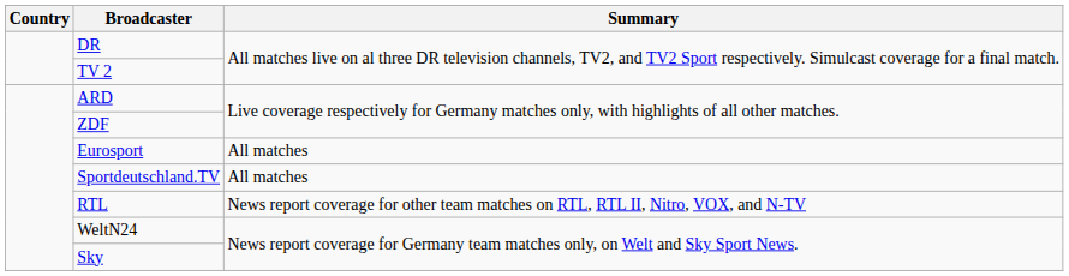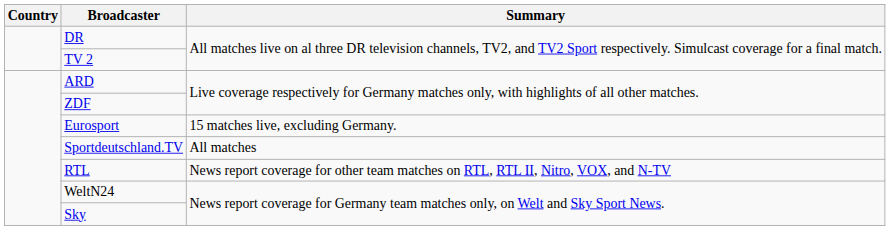 <table class="wikitable">
 <tr>
 <th>Country</th>
 <th>Broadcaster</th>
 <th>Summary</th>
 </tr>
 <tr>
 <td rowspan="2"></td>
 <td><a href='#'>DR</a></td>
 <td rowspan="2">All matches live on al three DR television channels, TV2, and <a href='#'>TV2 Sport</a> respectively. Simulcast coverage for a final match.</td>
 </tr>
 <tr>
 <td><a href='#'>TV 2</a></td>
 </tr>
 <tr>
 <td rowspan="7"></td>
 <td><a href='#'>ARD</a></td>
 <td rowspan="2">Live coverage respectively for Germany matches only, with highlights of all other matches.</td>
 </tr>
 <tr>
 <td><a href='#'>ZDF</a></td>
 </tr>
 <tr>
 <td><a href='#'>Eurosport</a></td>
-<td>All matches</td>
+<td>15 matches live, excluding Germany.</td>
 </tr>
 <tr>
 <td><a href='#'>Sportdeutschland.TV</a></td>
 <td>All matches</td>
 </tr>
 <tr>
 <td><a href='#'>RTL</a></td>
 <td>News report coverage for other team matches on <a href='#'>RTL</a>, <a href='#'>RTL II</a>, <a href='#'>Nitro</a>, <a href='#'>VOX</a>, and <a href='#'>N-TV</a></td>
 </tr>
 <tr>
 <td>WeltN24</td>
 <td rowspan="2">News report coverage for Germany team matches only, on <a href='#'>Welt</a> and <a href='#'>Sky Sport News</a>.</td>
 </tr>
 <tr>
 <td><a href='#'>Sky</a></td>
 </tr>
 </table>
